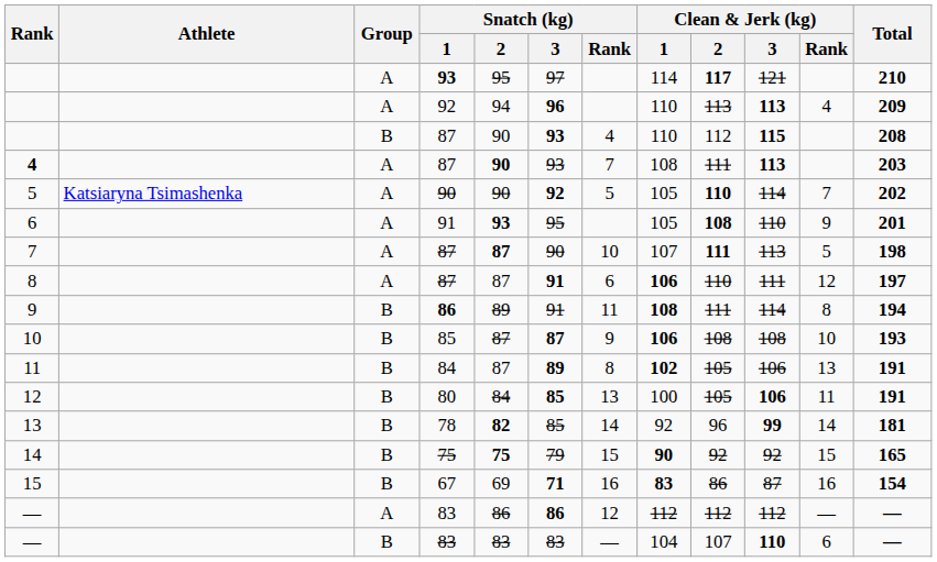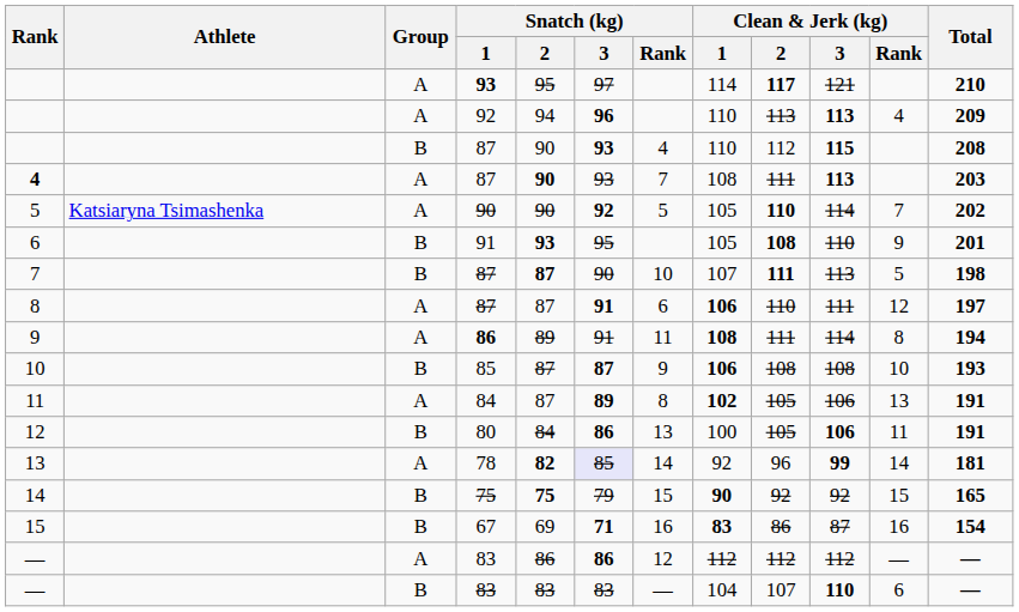 <table class = "wikitable" style="text-align:center;">
 <tr>
 <th rowspan=2 width=40>Rank</th>
 <th rowspan=2 width=250>Athlete</th>
 <th rowspan=2 width=50>Group</th>
 <th colspan=4>Snatch (kg)</th>
 <th colspan=4>Clean & Jerk (kg)</th>
 <th rowspan=2 width=60>Total</th>
 </tr>
 <tr>
 <th width=40>1</th>
 <th width=40>2</th>
 <th width=40>3</th>
 <th width=40>Rank</th>
 <th width=40>1</th>
 <th width=40>2</th>
 <th width=40>3</th>
 <th width=40>Rank</th>
 </tr>
 <tr>
 <td></td>
 <td align=left></td>
 <td>A</td>
 <td><strong>93</strong></td>
 <td><s>95</s></td>
 <td><s>97</s></td>
 <td></td>
 <td>114</td>
 <td><strong>117</strong></td>
 <td><s>121</s></td>
 <td></td>
 <td><strong>210</strong></td>
 </tr>
 <tr>
 <td></td>
 <td align=left></td>
 <td>A</td>
 <td>92</td>
 <td>94</td>
 <td><strong>96</strong></td>
 <td></td>
 <td>110</td>
 <td><s>113</s></td>
 <td><strong>113</strong></td>
 <td>4</td>
 <td><strong>209</strong></td>
 </tr>
 <tr>
 <td></td>
 <td align=left></td>
 <td>B</td>
 <td>87</td>
 <td>90</td>
 <td><strong>93</strong></td>
 <td>4</td>
 <td>110</td>
 <td>112</td>
 <td><strong>115</strong></td>
 <td></td>
 <td><strong>208</strong></td>
 </tr>
 <tr>
 <td><strong>4</strong></td>
 <td align=left></td>
 <td>A</td>
 <td>87</td>
 <td><strong>90</strong></td>
 <td><s>93</s></td>
 <td>7</td>
 <td>108</td>
 <td><s>111</s></td>
 <td><strong>113</strong></td>
 <td></td>
 <td><strong>203</strong></td>
 </tr>
 <tr>
 <td>5</td>
 <td align=left> <a href='#'>Katsiaryna Tsimashenka</a> </td>
 <td>A</td>
 <td><s>90</s></td>
 <td><s>90</s></td>
 <td><strong>92</strong></td>
 <td>5</td>
 <td>105</td>
 <td><strong>110</strong></td>
 <td><s>114</s></td>
 <td>7</td>
 <td><strong>202</strong></td>
 </tr>
 <tr>
 <td>6</td>
 <td align=left></td>
-<td>A</td>
+<td>B</td>
 <td>91</td>
 <td><strong>93</strong></td>
 <td><s>95</s></td>
 <td></td>
 <td>105</td>
 <td><strong>108</strong></td>
 <td><s>110</s></td>
 <td>9</td>
 <td><strong>201</strong></td>
 </tr>
 <tr>
 <td>7</td>
 <td align=left></td>
-<td>A</td>
+<td>B</td>
 <td><s>87</s></td>
 <td><strong>87</strong></td>
 <td><s>90</s></td>
 <td>10</td>
 <td>107</td>
 <td><strong>111</strong></td>
 <td><s>113</s></td>
 <td>5</td>
 <td><strong>198</strong></td>
 </tr>
 <tr>
 <td>8</td>
 <td align=left></td>
 <td>A</td>
 <td><s>87</s></td>
 <td>87</td>
 <td><strong>91</strong></td>
 <td>6</td>
 <td><strong>106</strong></td>
 <td><s>110</s></td>
 <td><s>111</s></td>
 <td>12</td>
 <td><strong>197</strong></td>
 </tr>
 <tr>
 <td>9</td>
 <td align=left></td>
-<td>B</td>
+<td>A</td>
 <td><strong>86</strong></td>
 <td><s>89</s></td>
 <td><s>91</s></td>
 <td>11</td>
 <td><strong>108</strong></td>
 <td><s>111</s></td>
 <td><s>114</s></td>
 <td>8</td>
 <td><strong>194</strong></td>
 </tr>
 <tr>
 <td>10</td>
 <td align=left></td>
 <td>B</td>
 <td>85</td>
 <td><s>87</s></td>
 <td><strong>87</strong></td>
 <td>9</td>
 <td><strong>106</strong></td>
 <td><s>108</s></td>
 <td><s>108</s></td>
 <td>10</td>
 <td><strong>193</strong></td>
 </tr>
 <tr>
 <td>11</td>
 <td align=left></td>
-<td>B</td>
+<td>A</td>
 <td>84</td>
 <td>87</td>
 <td><strong>89</strong></td>
 <td>8</td>
 <td><strong>102</strong></td>
 <td><s>105</s></td>
 <td><s>106</s></td>
 <td>13</td>
 <td><strong>191</strong></td>
 </tr>
 <tr>
 <td>12</td>
 <td align=left></td>
 <td>B</td>
 <td>80</td>
 <td><s>84</s></td>
-<td><strong>85</strong></td>
+<td><strong>86</strong></td>
 <td>13</td>
 <td>100</td>
 <td><s>105</s></td>
 <td><strong>106</strong></td>
 <td>11</td>
 <td><strong>191</strong></td>
 </tr>
 <tr>
 <td>13</td>
 <td align=left></td>
-<td>B</td>
+<td>A</td>
 <td>78</td>
 <td><strong>82</strong></td>
-<td><s>85</s></td>
+<td style="background: lavender;"><s>85</s></td>
 <td>14</td>
 <td>92</td>
 <td>96</td>
 <td><strong>99</strong></td>
 <td>14</td>
 <td><strong>181</strong></td>
 </tr>
 <tr>
 <td>14</td>
 <td align=left></td>
 <td>B</td>
 <td><s>75</s></td>
 <td><strong>75</strong></td>
 <td><s>79</s></td>
 <td>15</td>
 <td><strong>90</strong></td>
 <td><s>92</s></td>
 <td><s>92</s></td>
 <td>15</td>
 <td><strong>165</strong></td>
 </tr>
 <tr>
 <td>15</td>
 <td align=left></td>
 <td>B</td>
 <td>67</td>
 <td>69</td>
 <td><strong>71</strong></td>
 <td>16</td>
 <td><strong>83</strong></td>
 <td><s>86</s></td>
 <td><s>87</s></td>
 <td>16</td>
 <td><strong>154</strong></td>
 </tr>
 <tr>
 <td>—</td>
 <td align=left></td>
 <td>A</td>
 <td>83</td>
 <td><s>86</s></td>
 <td><strong>86</strong></td>
 <td>12</td>
 <td><s>112</s></td>
 <td><s>112</s></td>
 <td><s>112</s></td>
 <td>—</td>
 <td><strong>—</strong></td>
 </tr>
 <tr>
 <td>—</td>
 <td align=left></td>
 <td>B</td>
 <td><s>83</s></td>
 <td><s>83</s></td>
 <td><s>83</s></td>
 <td>—</td>
 <td>104</td>
 <td>107</td>
 <td><strong>110</strong></td>
 <td>6</td>
 <td><strong>—</strong></td>
 </tr>
 </table>
